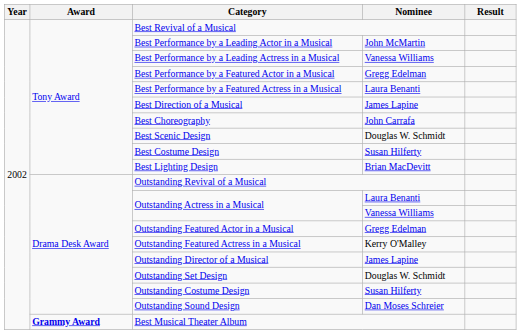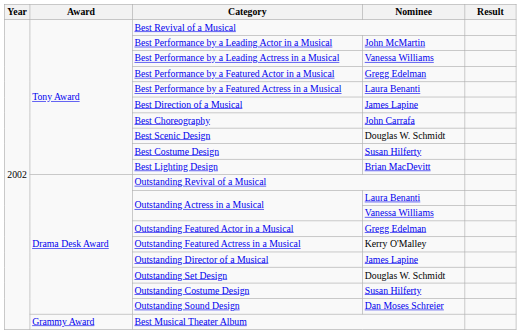 <table class="wikitable" width="95%">
 <tr>
 <th width="5%">Year</th>
 <th width="20%">Award</th>
 <th width="45%">Category</th>
 <th width="20%">Nominee</th>
 <th width="10%">Result</th>
 </tr>
 <tr>
 <td rowspan="20" align="center">2002</td>
 <td rowspan="10"><a href='#'>Tony Award</a></td>
 <td colspan="2"><a href='#'>Best Revival of a Musical</a></td>
 <td></td>
 </tr>
 <tr>
 <td><a href='#'>Best Performance by a Leading Actor in a Musical</a></td>
 <td><a href='#'>John McMartin</a></td>
 <td></td>
 </tr>
 <tr>
 <td><a href='#'>Best Performance by a Leading Actress in a Musical</a></td>
 <td><a href='#'>Vanessa Williams</a></td>
 <td></td>
 </tr>
 <tr>
 <td><a href='#'>Best Performance by a Featured Actor in a Musical</a></td>
 <td><a href='#'>Gregg Edelman</a></td>
 <td></td>
 </tr>
 <tr>
 <td><a href='#'>Best Performance by a Featured Actress in a Musical</a></td>
 <td><a href='#'>Laura Benanti</a></td>
 <td></td>
 </tr>
 <tr>
 <td><a href='#'>Best Direction of a Musical</a></td>
 <td><a href='#'>James Lapine</a></td>
 <td></td>
 </tr>
 <tr>
 <td><a href='#'>Best Choreography</a></td>
 <td><a href='#'>John Carrafa</a></td>
 <td></td>
 </tr>
 <tr>
 <td><a href='#'>Best Scenic Design</a></td>
 <td>Douglas W. Schmidt</td>
 <td></td>
 </tr>
 <tr>
 <td><a href='#'>Best Costume Design</a></td>
 <td><a href='#'>Susan Hilferty</a></td>
 <td></td>
 </tr>
 <tr>
 <td><a href='#'>Best Lighting Design</a></td>
 <td><a href='#'>Brian MacDevitt</a></td>
 <td></td>
 </tr>
 <tr>
 <td rowspan="9"><a href='#'>Drama Desk Award</a></td>
 <td colspan="2"><a href='#'>Outstanding Revival of a Musical</a></td>
 <td></td>
 </tr>
 <tr>
 <td rowspan="2"><a href='#'>Outstanding Actress in a Musical</a></td>
 <td><a href='#'>Laura Benanti</a></td>
 <td></td>
 </tr>
 <tr>
 <td><a href='#'>Vanessa Williams</a></td>
 <td></td>
 </tr>
 <tr>
 <td><a href='#'>Outstanding Featured Actor in a Musical</a></td>
 <td><a href='#'>Gregg Edelman</a></td>
 <td></td>
 </tr>
 <tr>
 <td><a href='#'>Outstanding Featured Actress in a Musical</a></td>
 <td>Kerry O'Malley</td>
 <td></td>
 </tr>
 <tr>
 <td><a href='#'>Outstanding Director of a Musical</a></td>
 <td><a href='#'>James Lapine</a></td>
 <td></td>
 </tr>
 <tr>
 <td><a href='#'>Outstanding Set Design</a></td>
 <td>Douglas W. Schmidt</td>
 <td></td>
 </tr>
 <tr>
 <td><a href='#'>Outstanding Costume Design</a></td>
 <td><a href='#'>Susan Hilferty</a></td>
 <td></td>
 </tr>
 <tr>
 <td><a href='#'>Outstanding Sound Design</a></td>
 <td><a href='#'>Dan Moses Schreier</a></td>
 <td></td>
 </tr>
 <tr>
-<td><strong><a href='#'>Grammy Award</a></strong></td>
+<td><a href='#'>Grammy Award</a></td>
 <td colspan="2"><a href='#'>Best Musical Theater Album</a></td>
 <td></td>
 </tr>
 </table>
